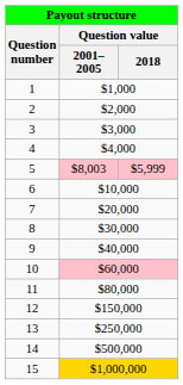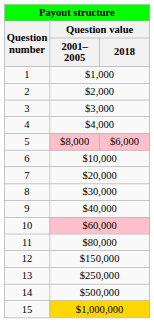 <table class="wikitable" style="text-align:center; border:1px;; cellpadding:2; cellspacing:0; width:25%;">
 <tr>
 <th colspan="3" style="background: lime">Payout structure</th>
 </tr>
 <tr>
 <th rowspan=2 style="width: 24%">Question number</th>
 <th colspan=2>Question value</th>
 </tr>
 <tr>
 <th style="width: 38%">2001–2005</th>
 <th style="width: 38%">2018</th>
 </tr>
 <tr>
 <td>1</td>
 <td colspan=2>$1,000</td>
 </tr>
 <tr>
 <td>2</td>
 <td colspan=2>$2,000</td>
 </tr>
 <tr>
 <td>3</td>
 <td colspan=2>$3,000</td>
 </tr>
 <tr>
 <td>4</td>
 <td colspan=2>$4,000</td>
 </tr>
 <tr>
 <td>5</td>
-<td style="background: pink">$8,003</td>
-<td style="background: pink">$5,999</td>
+<td style="background: pink">$8,000</td>
+<td style="background: pink">$6,000</td>
 </tr>
 <tr>
 <td>6</td>
 <td colspan=2>$10,000</td>
 </tr>
 <tr>
 <td>7</td>
 <td colspan=2>$20,000</td>
 </tr>
 <tr>
 <td>8</td>
 <td colspan=2>$30,000</td>
 </tr>
 <tr>
 <td>9</td>
 <td colspan=2>$40,000</td>
 </tr>
 <tr>
 <td>10</td>
 <td style="background: pink" colspan=2>$60,000</td>
 </tr>
 <tr>
 <td>11</td>
 <td colspan=2>$80,000</td>
 </tr>
 <tr>
 <td>12</td>
 <td colspan=2>$150,000</td>
 </tr>
 <tr>
 <td>13</td>
 <td colspan=2>$250,000</td>
 </tr>
 <tr>
 <td>14</td>
 <td colspan=2>$500,000</td>
 </tr>
 <tr>
 <td>15</td>
 <td style="background: gold" colspan=2>$1,000,000</td>
 </tr>
 </table>
